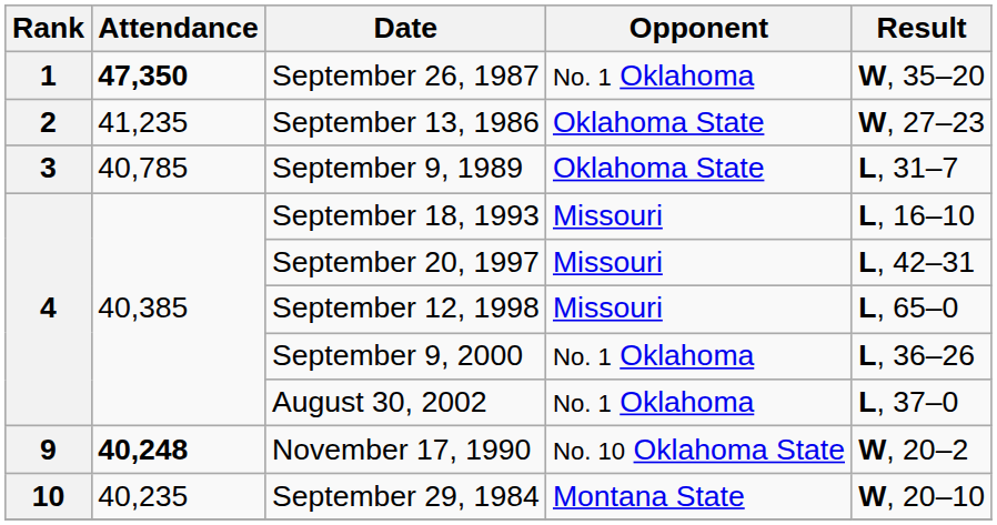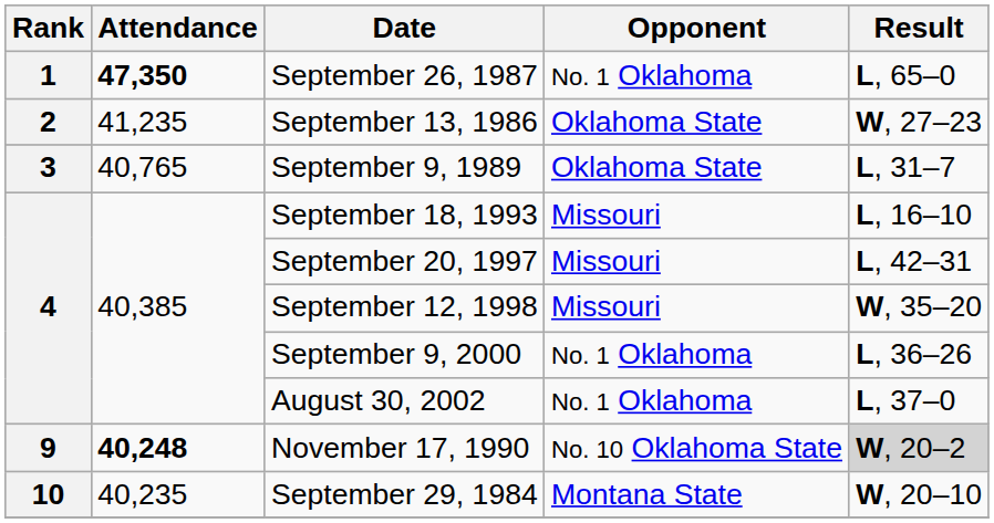 <table class="wikitable">
 <tr>
 <th>Rank</th>
 <th>Attendance</th>
 <th>Date</th>
 <th>Opponent</th>
 <th>Result</th>
 </tr>
 <tr>
 <th>1</th>
 <td><strong>47,350</strong></td>
 <td>September 26, 1987</td>
 <td><small>No. 1</small> <a href='#'>Oklahoma</a></td>
-<td><strong>W</strong>, 35–20</td>
+<td><strong>L</strong>, 65–0</td>
 </tr>
 <tr>
 <th>2</th>
 <td>41,235</td>
 <td>September 13, 1986</td>
 <td><a href='#'>Oklahoma State</a></td>
 <td><strong>W</strong>, 27–23</td>
 </tr>
 <tr>
 <th>3</th>
-<td>40,785</td>
+<td>40,765</td>
 <td>September 9, 1989</td>
 <td><a href='#'>Oklahoma State</a></td>
 <td><strong>L</strong>, 31–7</td>
 </tr>
 <tr>
 <th rowspan=5>4</th>
 <td rowspan=5>40,385</td>
 <td>September 18, 1993</td>
 <td><a href='#'>Missouri</a></td>
 <td><strong>L</strong>, 16–10</td>
 </tr>
 <tr>
 <td>September 20, 1997</td>
 <td><a href='#'>Missouri</a></td>
 <td><strong>L</strong>, 42–31</td>
 </tr>
 <tr>
 <td>September 12, 1998</td>
 <td><a href='#'>Missouri</a></td>
-<td><strong>L</strong>, 65–0</td>
+<td><strong>W</strong>, 35–20</td>
 </tr>
 <tr>
 <td>September 9, 2000</td>
 <td><small>No. 1</small> <a href='#'>Oklahoma</a></td>
 <td><strong>L</strong>, 36–26</td>
 </tr>
 <tr>
 <td>August 30, 2002</td>
 <td><small>No. 1</small> <a href='#'>Oklahoma</a></td>
 <td><strong>L</strong>, 37–0</td>
 </tr>
 <tr>
 <th>9</th>
 <td><strong>40,248</strong></td>
 <td>November 17, 1990</td>
 <td><small>No. 10</small> <a href='#'>Oklahoma State</a></td>
-<td><strong>W</strong>, 20–2</td>
+<td style="background: lightgrey;"><strong>W</strong>, 20–2</td>
 </tr>
 <tr>
 <th>10</th>
 <td>40,235</td>
 <td>September 29, 1984</td>
 <td><a href='#'>Montana State</a></td>
 <td><strong>W</strong>, 20–10</td>
 </tr>
 <tr>
 </tr>
 </table>
